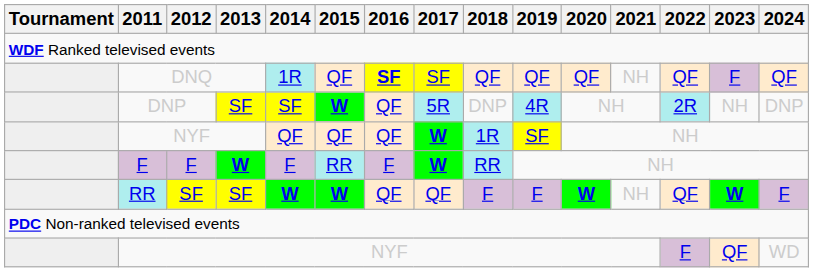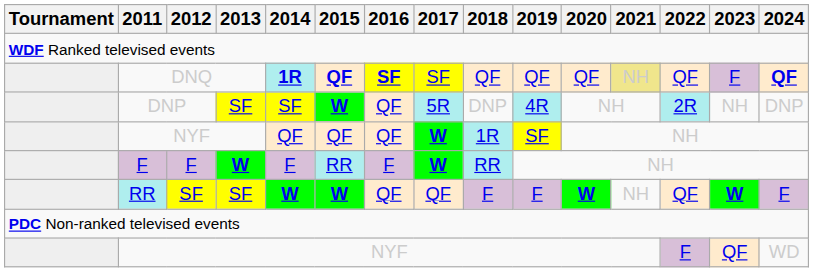 <table class="wikitable" style="width:20%; margin:0">
 <tr>
 <th>Tournament</th>
 <th>2011</th>
 <th>2012</th>
 <th>2013</th>
 <th>2014</th>
 <th>2015</th>
 <th>2016</th>
 <th>2017</th>
 <th>2018</th>
 <th>2019</th>
 <th>2020</th>
 <th>2021</th>
 <th>2022</th>
 <th>2023</th>
 <th>2024</th>
 </tr>
 <tr>
 <td colspan="15" style="text-align:left"><small><strong><a href='#'>WDF</a> </strong>Ranked televised events</small></td>
 </tr>
 <tr>
 <td style="background:#efefef;"></td>
 <td colspan="3" style="text-align:center; color:#ccc;">DNQ</td>
-<td style="text-align:center; background:#afeeee;"><a href='#'>1R</a></td>
-<td style="text-align:center; background:#ffebcd;"><a href='#'>QF</a></td>
+<td style="text-align:center; background:#afeeee;"><strong><a href='#'>1R</a></strong></td>
+<td style="text-align:center; background:#ffebcd;"><strong><a href='#'>QF</a></strong></td>
 <td style="text-align:center; background:yellow;"><strong><a href='#'>SF</a></strong></td>
 <td style="text-align:center; background:yellow;"><a href='#'>SF</a></td>
 <td style="text-align:center; background:#ffebcd;"><a href='#'>QF</a></td>
 <td style="text-align:center; background:#ffebcd;"><a href='#'>QF</a></td>
 <td style="text-align:center; background:#ffebcd;"><a href='#'>QF</a></td>
-<td style="text-align:center; color:#ccc;">NH</td>
+<td style="background: khaki; text-align:center; color:#ccc;">NH</td>
 <td style="text-align:center; background:#ffebcd;"><a href='#'>QF</a></td>
 <td style="text-align:center; background:thistle;"><a href='#'>F</a></td>
-<td style="text-align:center; background:#ffebcd;"><a href='#'>QF</a></td>
+<td style="text-align:center; background:#ffebcd;"><strong><a href='#'>QF</a></strong></td>
 </tr>
 <tr>
 <td style="background:#efefef;"></td>
 <td colspan="2" style="text-align:center; color:#ccc;">DNP</td>
 <td style="text-align:center; background:yellow;"><a href='#'>SF</a></td>
 <td style="text-align:center; background:yellow;"><a href='#'>SF</a></td>
 <td style="text-align:center; background:lime;"><strong><a href='#'>W</a></strong></td>
 <td style="text-align:center; background:#ffebcd;"><a href='#'>QF</a></td>
 <td style="text-align:center; background:#afeeee;"><a href='#'>5R</a></td>
 <td style="text-align:center; color:#ccc;">DNP</td>
 <td style="text-align:center; background:#afeeee;"><a href='#'>4R</a></td>
 <td colspan="2" style="text-align:center; color:#ccc;">NH</td>
 <td style="text-align:center; background:#afeeee;"><a href='#'>2R</a></td>
 <td colspan="1" style="text-align:center; color:#ccc;">NH</td>
 <td style="text-align:center; color:#ccc;">DNP</td>
 </tr>
 <tr>
 <td style="background:#efefef;"></td>
 <td colspan="3" style="text-align:center; color:#ccc;">NYF</td>
 <td style="text-align:center; background:#ffebcd;"><a href='#'>QF</a></td>
 <td style="text-align:center; background:#ffebcd;"><a href='#'>QF</a></td>
 <td style="text-align:center; background:#ffebcd;"><a href='#'>QF</a></td>
 <td style="text-align:center; background:lime;"><strong><a href='#'>W</a></strong></td>
 <td style="text-align:center; background:#afeeee;"><a href='#'>1R</a></td>
 <td style="text-align:center; background:yellow;"><a href='#'>SF</a></td>
 <td colspan="5" style="text-align:center; color:#ccc;">NH</td>
 </tr>
 <tr>
 <td style="background:#efefef;"></td>
 <td style="text-align:center; background:thistle;"><a href='#'>F</a></td>
 <td style="text-align:center; background:thistle;"><a href='#'>F</a></td>
 <td style="text-align:center; background:lime;"><strong><a href='#'>W</a></strong></td>
 <td style="text-align:center; background:thistle;"><a href='#'>F</a></td>
 <td style="text-align:center; background:#afeeee;"><a href='#'>RR</a></td>
 <td style="text-align:center; background:thistle;"><a href='#'>F</a></td>
 <td style="text-align:center; background:lime;"><strong><a href='#'>W</a></strong></td>
 <td style="text-align:center; background:#afeeee;"><a href='#'>RR</a></td>
 <td colspan="6" style="text-align:center; color:#ccc;">NH</td>
 </tr>
 <tr>
 <td style="background:#efefef;"></td>
 <td style="text-align:center; background:#afeeee;"><a href='#'>RR</a></td>
 <td style="text-align:center; background:yellow;"><a href='#'>SF</a></td>
 <td style="text-align:center; background:yellow;"><a href='#'>SF</a></td>
 <td style="text-align:center; background:lime;"><strong><a href='#'>W</a></strong></td>
 <td style="text-align:center; background:lime;"><strong><a href='#'>W</a></strong></td>
 <td style="text-align:center; background:#ffebcd;"><a href='#'>QF</a></td>
 <td style="text-align:center; background:#ffebcd;"><a href='#'>QF</a></td>
 <td style="text-align:center; background:thistle;"><a href='#'>F</a></td>
 <td style="text-align:center; background:thistle;"><a href='#'>F</a></td>
 <td style="text-align:center; background:lime;"><strong><a href='#'>W</a></strong></td>
 <td style="text-align:center; color:#ccc;">NH</td>
 <td style="text-align:center; background:#ffebcd;"><a href='#'>QF</a></td>
 <td style="text-align:center; background:lime;"><strong><a href='#'>W</a></strong></td>
 <td style="text-align:center; background:thistle;"><a href='#'>F</a></td>
 </tr>
 <tr>
 <td colspan="15" style="text-align:left"><small><strong><a href='#'>PDC</a> </strong>Non-ranked televised events</small></td>
 </tr>
 <tr>
 <td style="background:#efefef;"></td>
 <td colspan="11" style="text-align:center; color:#ccc;">NYF</td>
 <td style="text-align:center; background:thistle;"><a href='#'>F</a></td>
 <td style="text-align:center; background:#ffebcd;"><a href='#'>QF</a></td>
 <td colspan="1" style="text-align:center; color:#ccc;">WD</td>
 </tr>
 </table>
